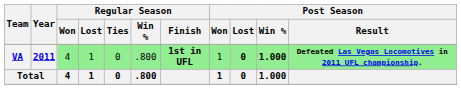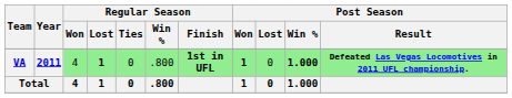 <table class="wikitable" style="font-size: 95%; text-align:center;">
 <tr>
 <th rowspan="2">Team</th>
 <th rowspan="2">Year</th>
 <th colspan="5">Regular Season</th>
 <th colspan="4">Post Season</th>
 </tr>
 <tr>
 <th>Won</th>
 <th>Lost</th>
 <th>Ties</th>
 <th>Win %</th>
 <th>Finish</th>
 <th>Won</th>
 <th>Lost</th>
 <th>Win %</th>
 <th>Result</th>
 </tr>
 <tr>
 </tr>
 <tr ! style="background:#90EE90;">
 <th><a href='#'>VA</a></th>
 <th><a href='#'>2011</a></th>
 <td>4</td>
-<td>1</td>
+<td><strong>1</strong></td>
 <td>0</td>
 <td>.800</td>
 <td><strong>1st in UFL</strong></td>
-<td>1</td>
-<td><strong>0</strong></td>
+<td><strong>1</strong></td>
+<td>0</td>
 <td><strong>1.000</strong></td>
 <td><small><strong>Defeated <a href='#'>Las Vegas Locomotives</a> in <a href='#'>2011 UFL championship</a>.</strong></small></td>
 </tr>
 <tr>
 <th colspan="2">Total</th>
 <th>4</th>
 <th>1</th>
 <th>0</th>
 <th>.800</th>
 <th></th>
 <th>1</th>
 <th>0</th>
 <th>1.000</th>
 <th></th>
 </tr>
 <tr>
 </tr>
 </table>
